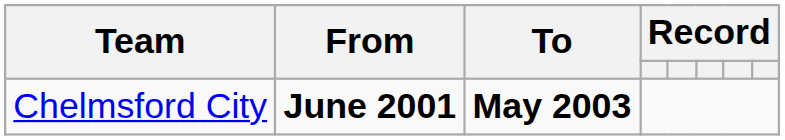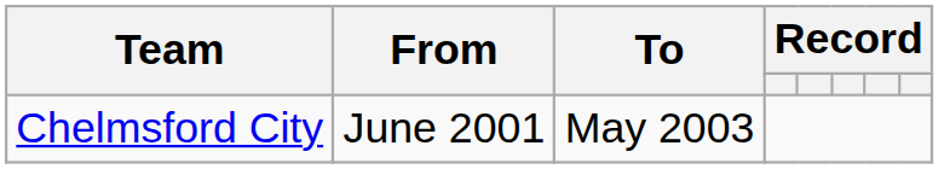 <table class=wikitable style="text-align: center">
 <tr>
 <th rowspan=2>Team</th>
 <th rowspan=2>From</th>
 <th rowspan=2>To</th>
 <th colspan=5>Record</th>
 </tr>
 <tr>
 <th></th>
 <th></th>
 <th></th>
 <th></th>
 <th></th>
 </tr>
 <tr>
 <td align=left><a href='#'>Chelmsford City</a></td>
-<td align=left><strong>June 2001</strong></td>
-<td align=left><strong>May 2003<br></strong></td>
+<td align=left>June 2001</td>
+<td align=left>May 2003<br></td>
 </tr>
 </table>
